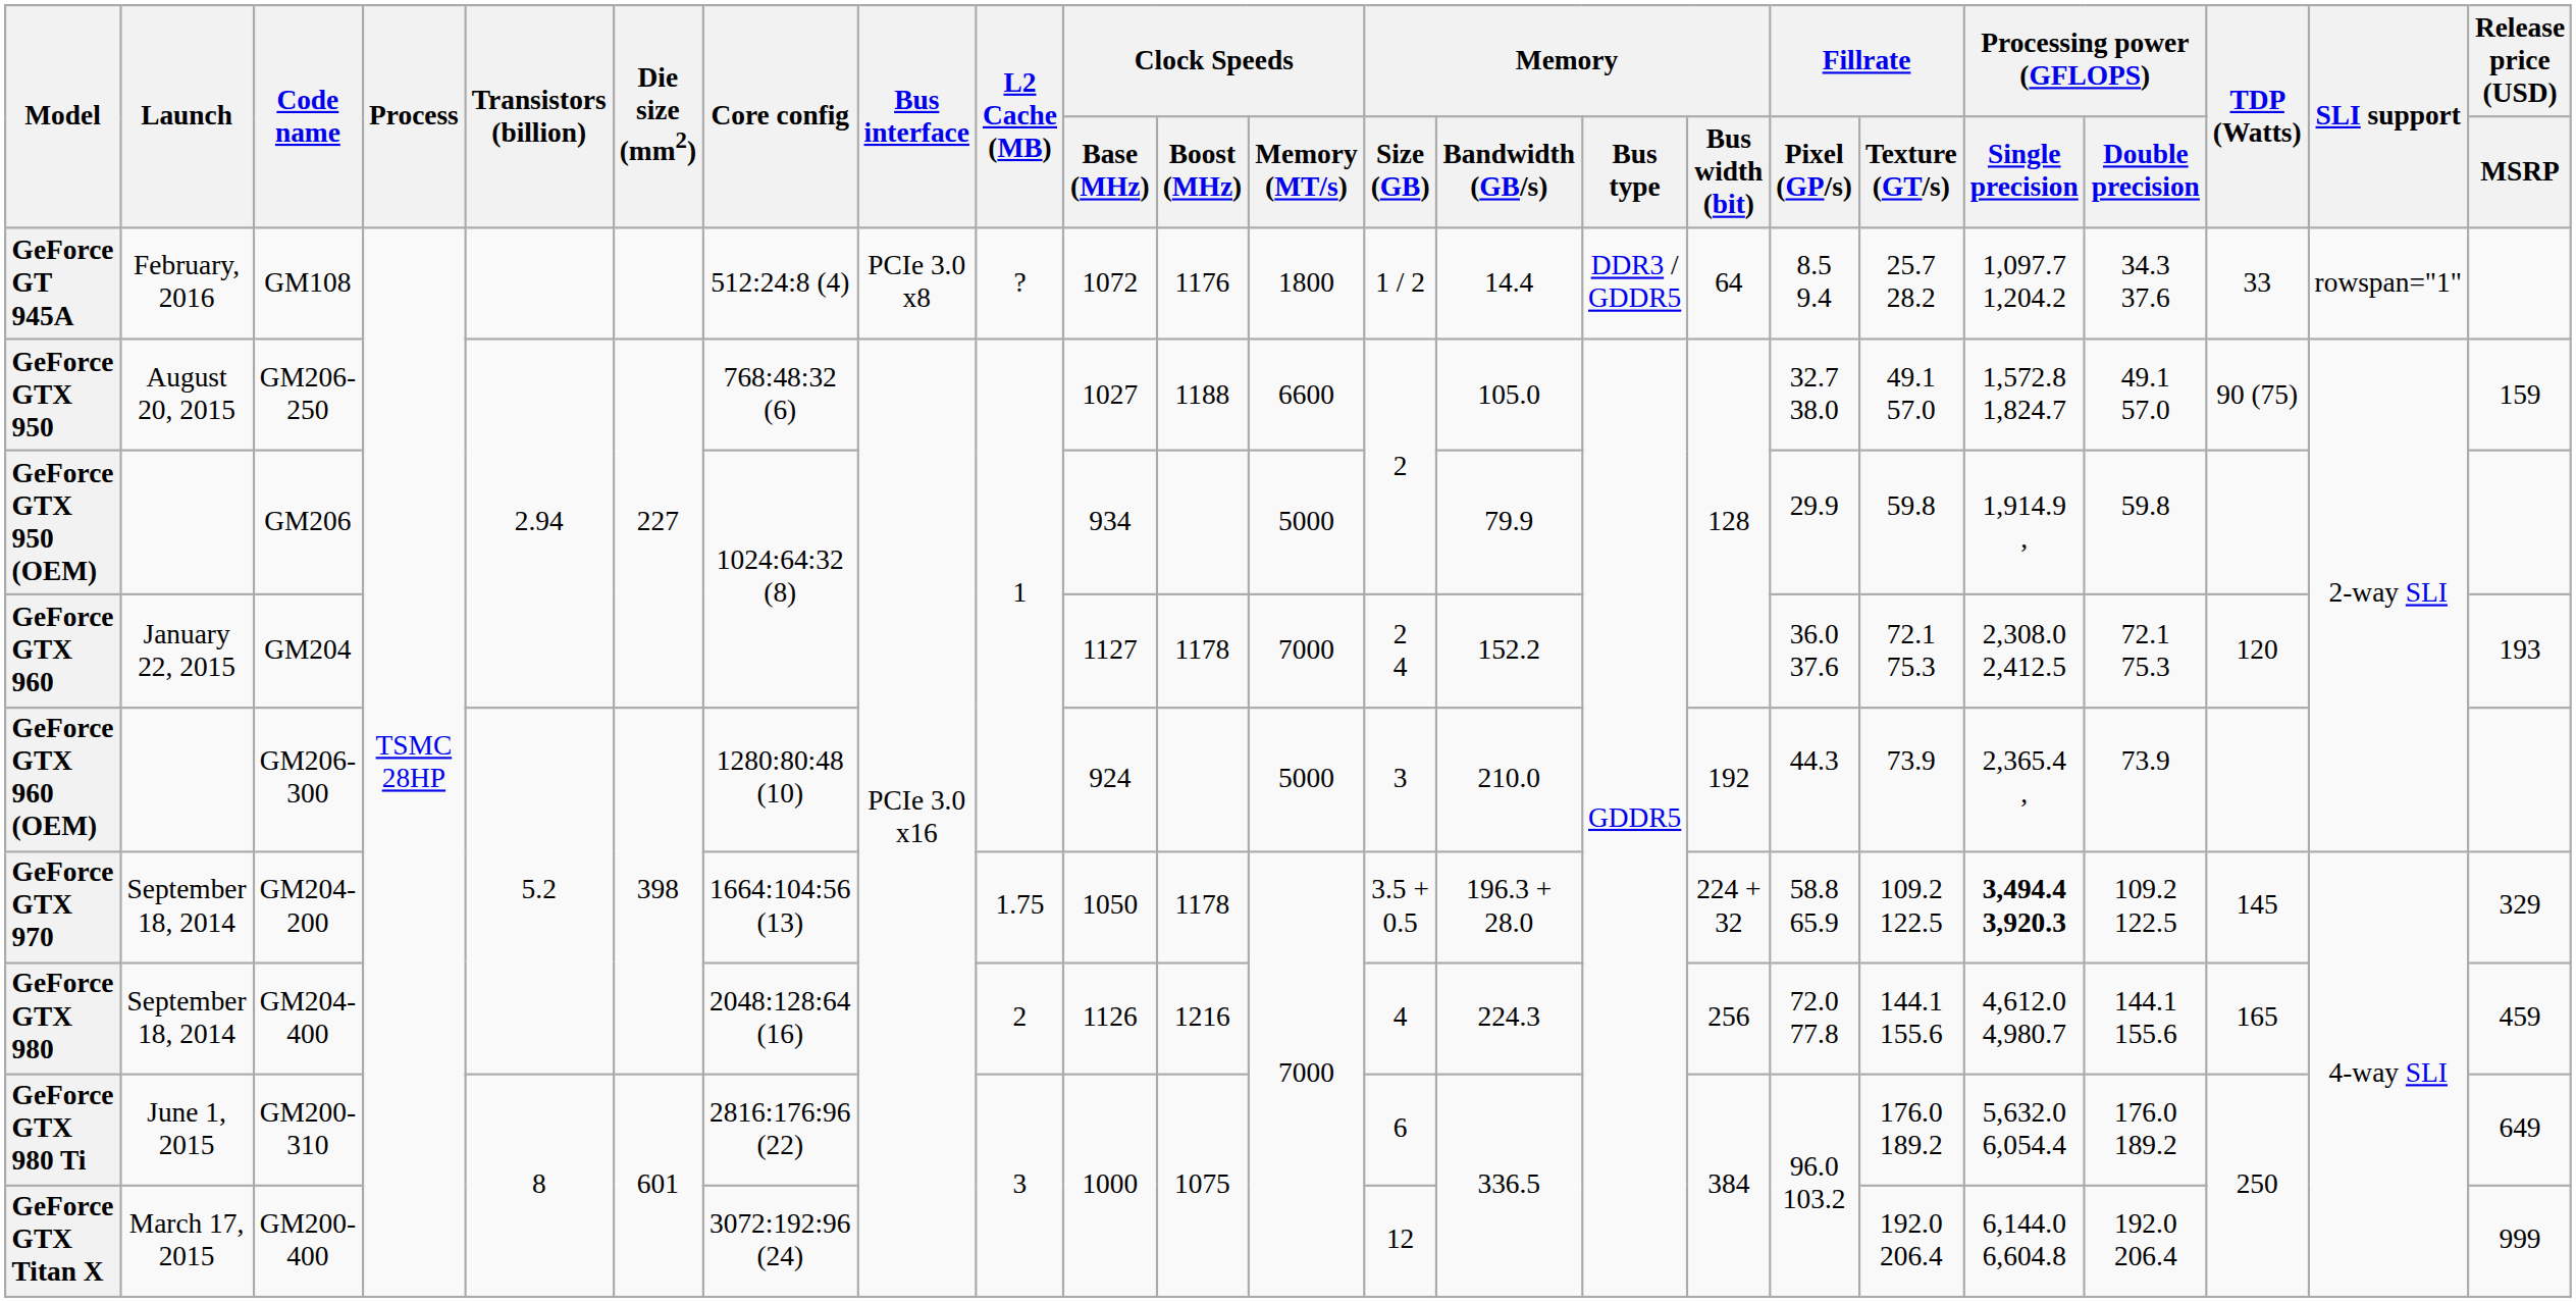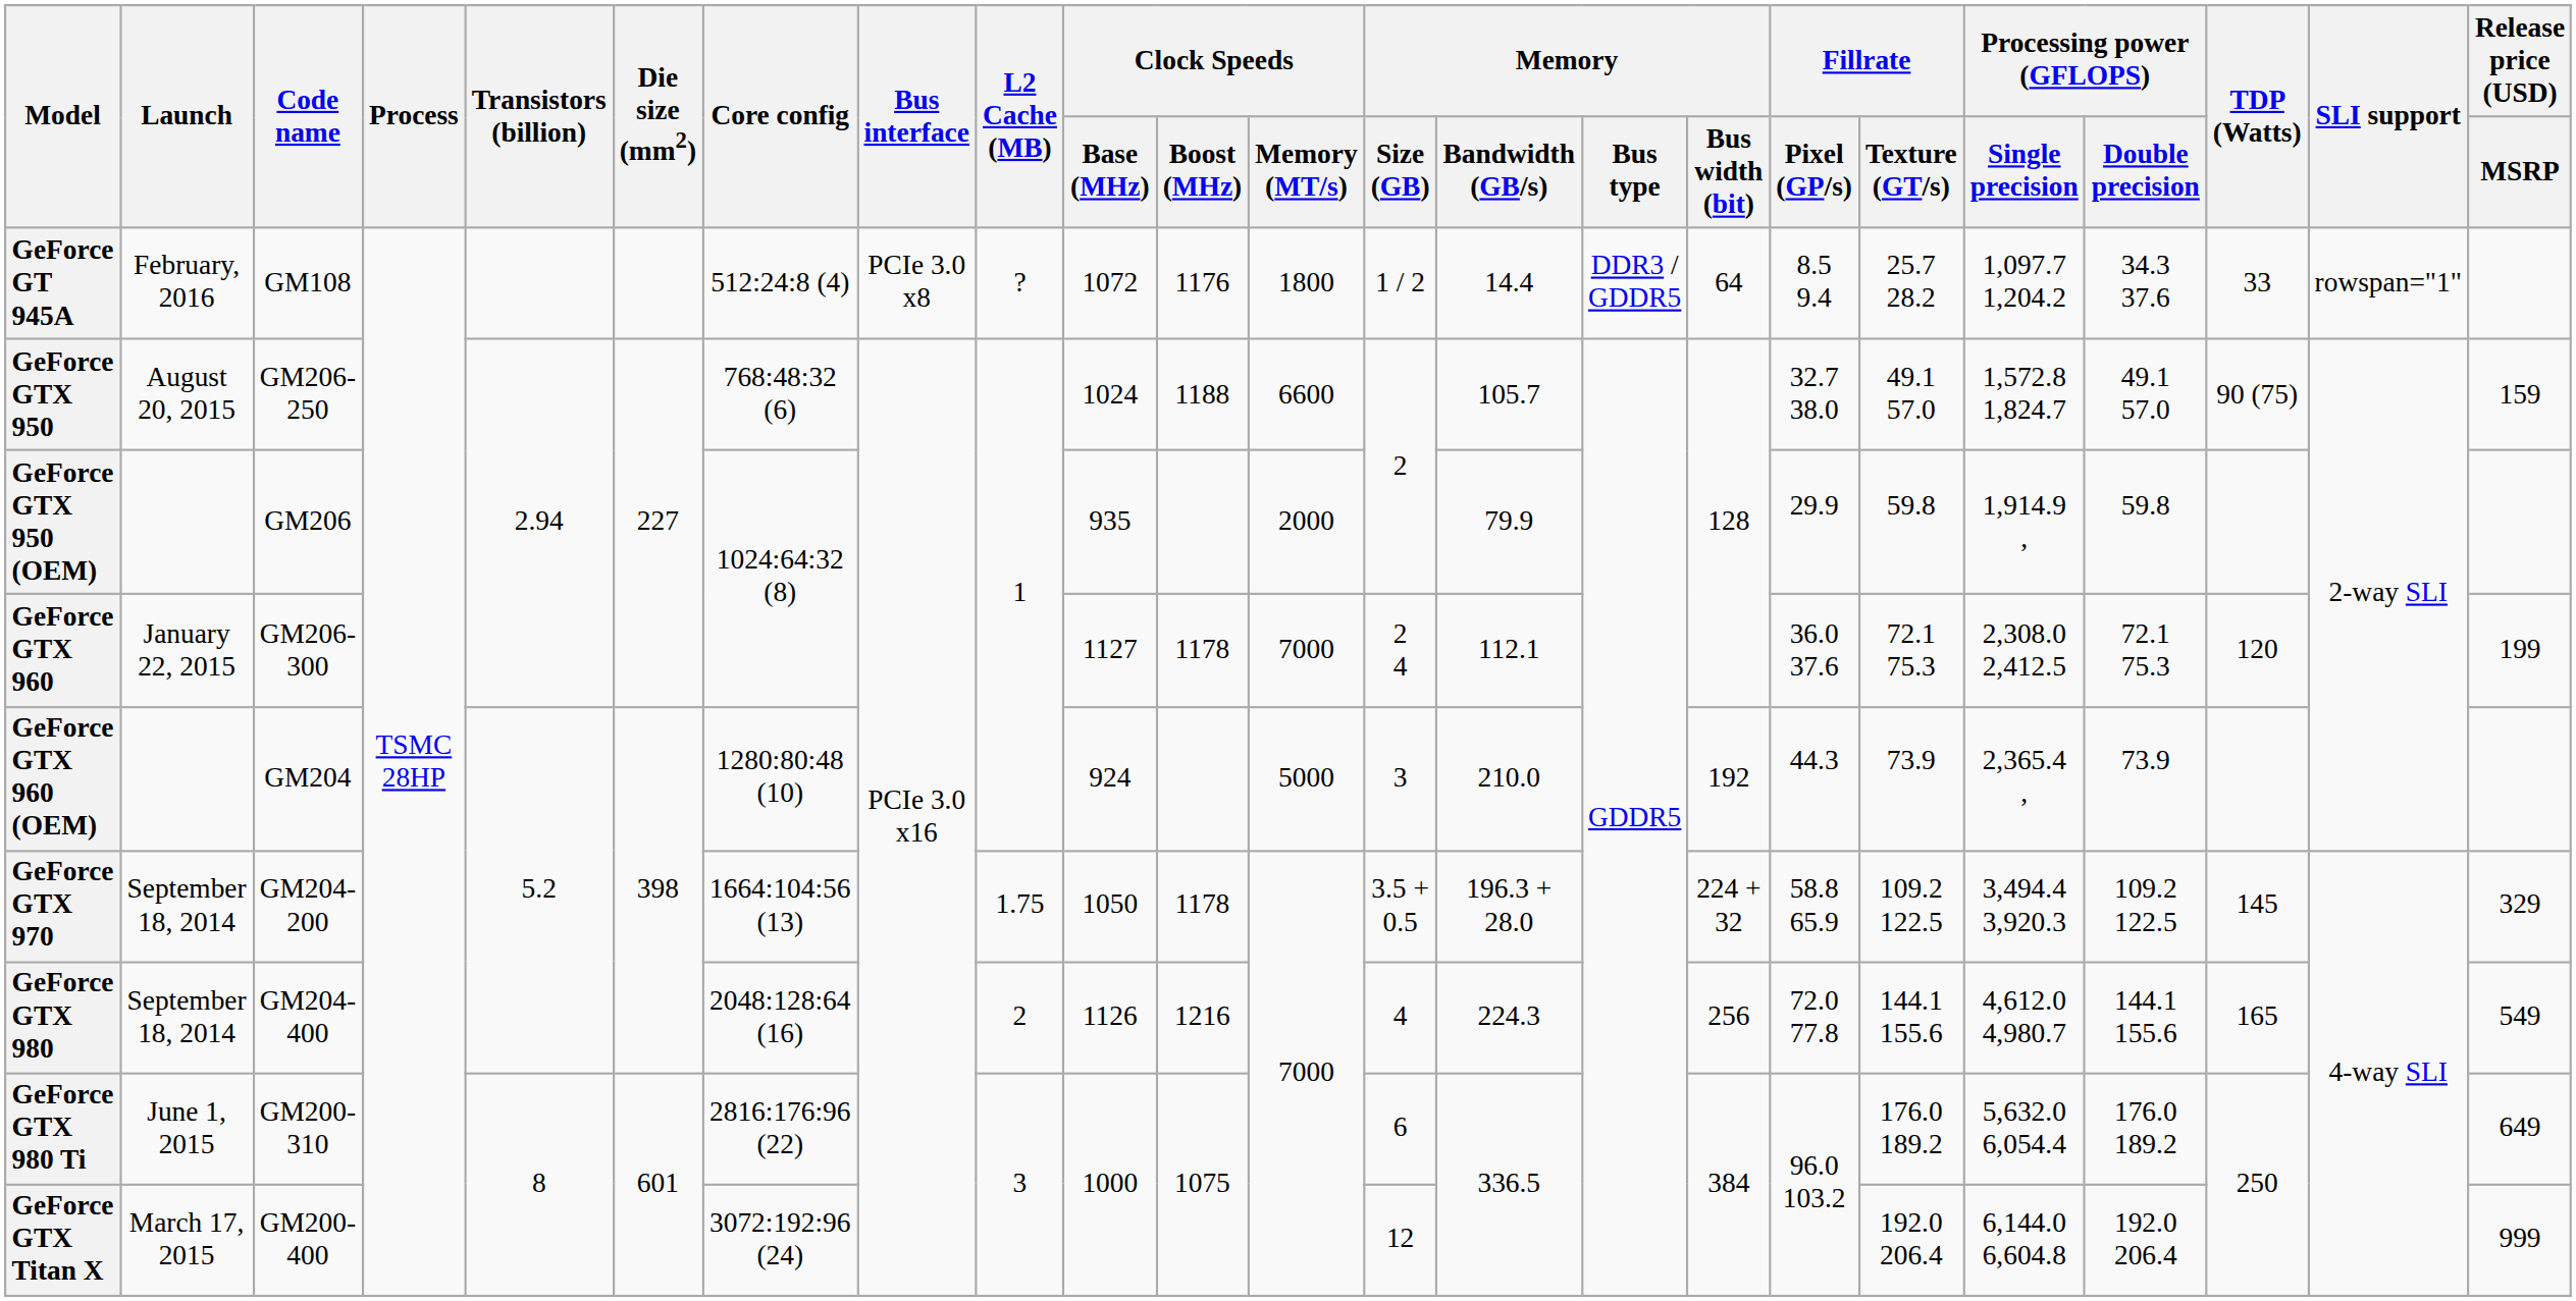 <table class="wikitable sortable sort-under mw-datatable" style="font-size: 80%; text-align: center;">
 <tr>
 <th rowspan="2">Model</th>
 <th rowspan="2">Launch</th>
 <th rowspan="2"><a href='#'>Code name</a></th>
 <th rowspan="2">Process</th>
 <th rowspan="2">Transistors (billion)</th>
 <th rowspan="2">Die size (mm<sup>2</sup>)</th>
 <th rowspan="2">Core config</th>
 <th rowspan="2"><a href='#'>Bus</a> <a href='#'>interface</a></th>
 <th rowspan="2"><a href='#'>L2 Cache</a><br>(<a href='#'>MB</a>)</th>
 <th colspan="3">Clock Speeds</th>
 <th colspan="4">Memory</th>
 <th colspan="2"><a href='#'>Fillrate</a></th>
 <th colspan="2">Processing power (<a href='#'>GFLOPS</a>)</th>
 <th rowspan="2"><a href='#'>TDP</a> (Watts)</th>
 <th rowspan="2"><a href='#'>SLI</a> support</th>
 <th>Release price (USD)</th>
 </tr>
 <tr>
 <th>Base (<a href='#'>MHz</a>)</th>
 <th>Boost (<a href='#'>MHz</a>)</th>
 <th>Memory (<a href='#'>MT/s</a>)</th>
 <th>Size (<a href='#'>GB</a>)</th>
 <th>Bandwidth (<a href='#'>GB</a>/s)</th>
 <th>Bus type</th>
 <th>Bus width (<a href='#'>bit</a>)</th>
 <th>Pixel (<a href='#'>GP</a>/s)</th>
 <th>Texture (<a href='#'>GT</a>/s)</th>
 <th><a href='#'>Single precision</a></th>
 <th><a href='#'>Double precision</a></th>
 <th>MSRP</th>
 </tr>
 <tr>
 <th style="text-align:left;">GeForce GT 945A</th>
 <td>February, 2016</td>
 <td>GM108</td>
 <td rowspan="9"><a href='#'>TSMC</a><br><a href='#'>28HP</a></td>
 <td></td>
 <td></td>
 <td>512:24:8 (4)</td>
 <td>PCIe 3.0 x8</td>
 <td>?</td>
 <td>1072</td>
 <td>1176</td>
 <td>1800</td>
 <td>1 / 2</td>
 <td>14.4</td>
 <td><a href='#'>DDR3</a> / <a href='#'>GDDR5</a></td>
 <td>64</td>
 <td>8.5<br>9.4</td>
 <td>25.7<br>28.2</td>
 <td>1,097.7<br>1,204.2</td>
 <td>34.3<br>37.6</td>
 <td>33</td>
 <td>rowspan="1" </td>
 <td></td>
 </tr>
 <tr>
 <th style="text-align:left;">GeForce GTX 950</th>
 <td>August 20, 2015</td>
 <td>GM206-250</td>
 <td rowspan="3">2.94</td>
 <td rowspan="3">227</td>
 <td>768:48:32 (6)</td>
 <td rowspan="8">PCIe 3.0 x16</td>
 <td rowspan="4">1</td>
-<td>1027</td>
+<td>1024</td>
 <td>1188</td>
 <td>6600</td>
 <td rowspan="2">2</td>
-<td>105.0</td>
+<td>105.7</td>
 <td rowspan="8"><a href='#'>GDDR5</a></td>
 <td rowspan="3">128</td>
 <td>32.7<br>38.0</td>
 <td>49.1<br>57.0</td>
 <td>1,572.8<br>1,824.7</td>
 <td>49.1<br>57.0</td>
 <td>90 (75)</td>
 <td rowspan="4">2-way <a href='#'>SLI</a></td>
 <td>159</td>
 </tr>
 <tr>
 <th style="text-align:left;">GeForce GTX 950 (OEM)</th>
 <td></td>
 <td>GM206</td>
 <td rowspan="2">1024:64:32 (8)</td>
-<td>934</td>
+<td>935</td>
 <td></td>
-<td>5000</td>
+<td>2000</td>
 <td>79.9</td>
 <td>29.9<br> </td>
 <td>59.8<br> </td>
 <td>1,914.9<br>,</td>
 <td>59.8<br> </td>
 <td></td>
 <td></td>
 </tr>
 <tr>
 <th style="text-align:left;">GeForce GTX 960</th>
 <td>January 22, 2015</td>
-<td>GM204</td>
+<td>GM206-300</td>
 <td>1127</td>
 <td>1178</td>
 <td>7000</td>
 <td>2<br>4</td>
-<td>152.2</td>
+<td>112.1</td>
 <td>36.0<br>37.6</td>
 <td>72.1<br>75.3</td>
 <td>2,308.0<br>2,412.5</td>
 <td>72.1<br>75.3</td>
 <td>120</td>
-<td>193</td>
+<td>199</td>
 </tr>
 <tr>
 <th style="text-align:left;">GeForce GTX 960 (OEM)</th>
 <td></td>
-<td>GM206-300</td>
+<td>GM204</td>
 <td rowspan="3">5.2</td>
 <td rowspan="3">398</td>
 <td>1280:80:48 (10)</td>
 <td>924</td>
 <td></td>
 <td>5000</td>
 <td>3</td>
 <td>210.0</td>
 <td>192</td>
 <td>44.3<br> </td>
 <td>73.9<br> </td>
 <td>2,365.4<br>,</td>
 <td>73.9<br> </td>
 <td></td>
 <td></td>
 </tr>
 <tr>
 <th style="text-align:left;">GeForce GTX 970</th>
 <td>September 18, 2014</td>
 <td>GM204-200</td>
 <td>1664:104:56 (13)</td>
 <td>1.75</td>
 <td>1050</td>
 <td>1178</td>
 <td rowspan="4">7000</td>
 <td>3.5 +<br>0.5</td>
 <td>196.3 +<br>28.0</td>
 <td>224 +<br>32</td>
 <td>58.8<br>65.9</td>
 <td>109.2<br>122.5</td>
-<td><strong>3,494.4<br>3,920.3</strong></td>
+<td>3,494.4<br>3,920.3</td>
 <td>109.2<br>122.5</td>
 <td>145</td>
 <td rowspan="4">4-way <a href='#'>SLI</a></td>
 <td>329</td>
 </tr>
 <tr>
 <th style="text-align:left;">GeForce GTX 980</th>
 <td>September 18, 2014</td>
 <td>GM204-400</td>
 <td>2048:128:64 (16)</td>
 <td>2</td>
 <td>1126</td>
 <td>1216</td>
 <td>4</td>
 <td>224.3</td>
 <td>256</td>
 <td>72.0<br>77.8</td>
 <td>144.1<br>155.6</td>
 <td>4,612.0<br>4,980.7</td>
 <td>144.1<br>155.6</td>
 <td>165</td>
-<td>459</td>
+<td>549</td>
 </tr>
 <tr>
 <th style="text-align:left;">GeForce GTX 980 Ti</th>
 <td>June 1, 2015</td>
 <td>GM200-310</td>
 <td rowspan="2">8</td>
 <td rowspan="2">601</td>
 <td>2816:176:96 (22)</td>
 <td rowspan="2">3</td>
 <td rowspan="2">1000</td>
 <td rowspan="2">1075</td>
 <td>6</td>
 <td rowspan="2">336.5</td>
 <td rowspan="2">384</td>
 <td rowspan="2">96.0<br>103.2</td>
 <td>176.0<br>189.2</td>
 <td>5,632.0<br>6,054.4</td>
 <td>176.0<br>189.2</td>
 <td rowspan="2">250</td>
 <td>649</td>
 </tr>
 <tr>
 <th style="text-align:left;">GeForce GTX Titan X</th>
 <td>March 17, 2015</td>
 <td>GM200-400</td>
 <td>3072:192:96 (24)</td>
 <td>12</td>
 <td>192.0<br>206.4</td>
 <td>6,144.0<br>6,604.8</td>
 <td>192.0<br>206.4</td>
 <td>999</td>
 </tr>
 </table>
